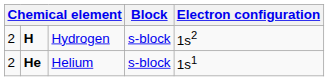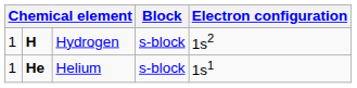 <table class="wikitable">
 <tr>
 <th colspan="3"><a href='#'>Chemical element</a></th>
 <th><a href='#'>Block</a></th>
 <th><a href='#'>Electron configuration</a></th>
 </tr>
 <tr style="background-color: ">
-<td>2</td>
+<td>1</td>
 <td><strong>H</strong></td>
 <td><a href='#'>Hydrogen</a></td>
 <td><a href='#'>s-block</a></td>
 <td>1s<sup>2</sup></td>
 </tr>
 <tr style="background-color: ">
-<td>2</td>
+<td>1</td>
 <td><strong>He</strong></td>
 <td><a href='#'>Helium</a></td>
 <td><a href='#'>s-block</a></td>
 <td>1s<sup>1</sup></td>
 </tr>
 </table>
